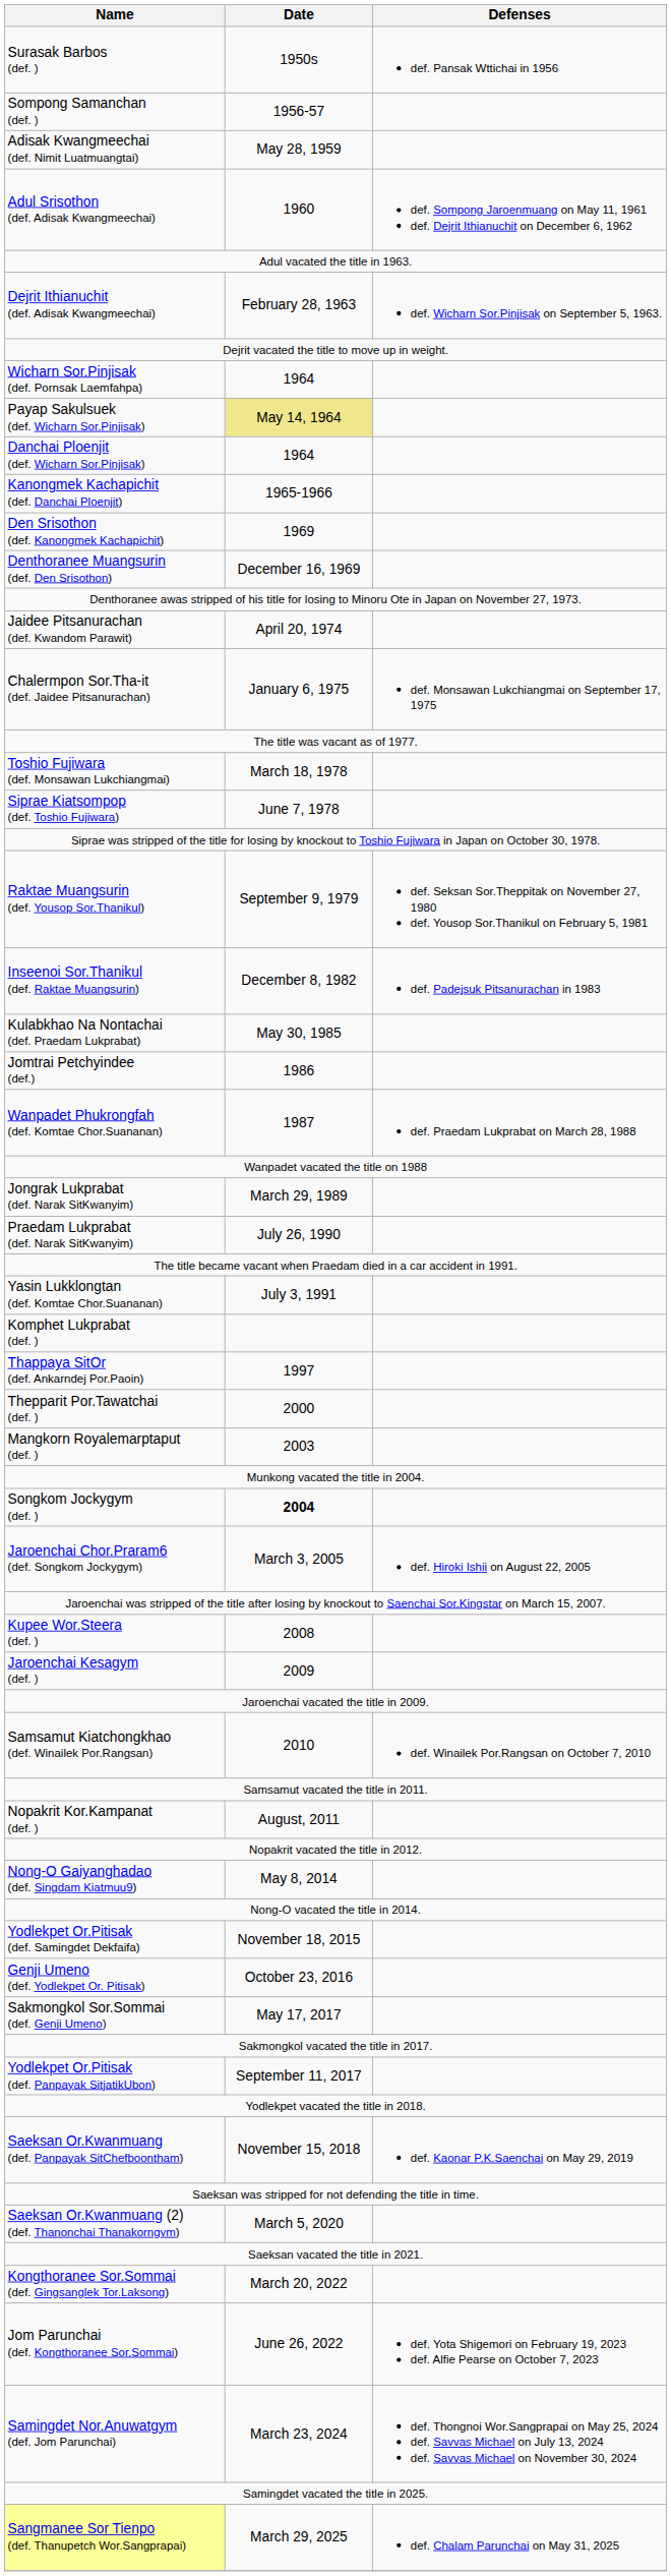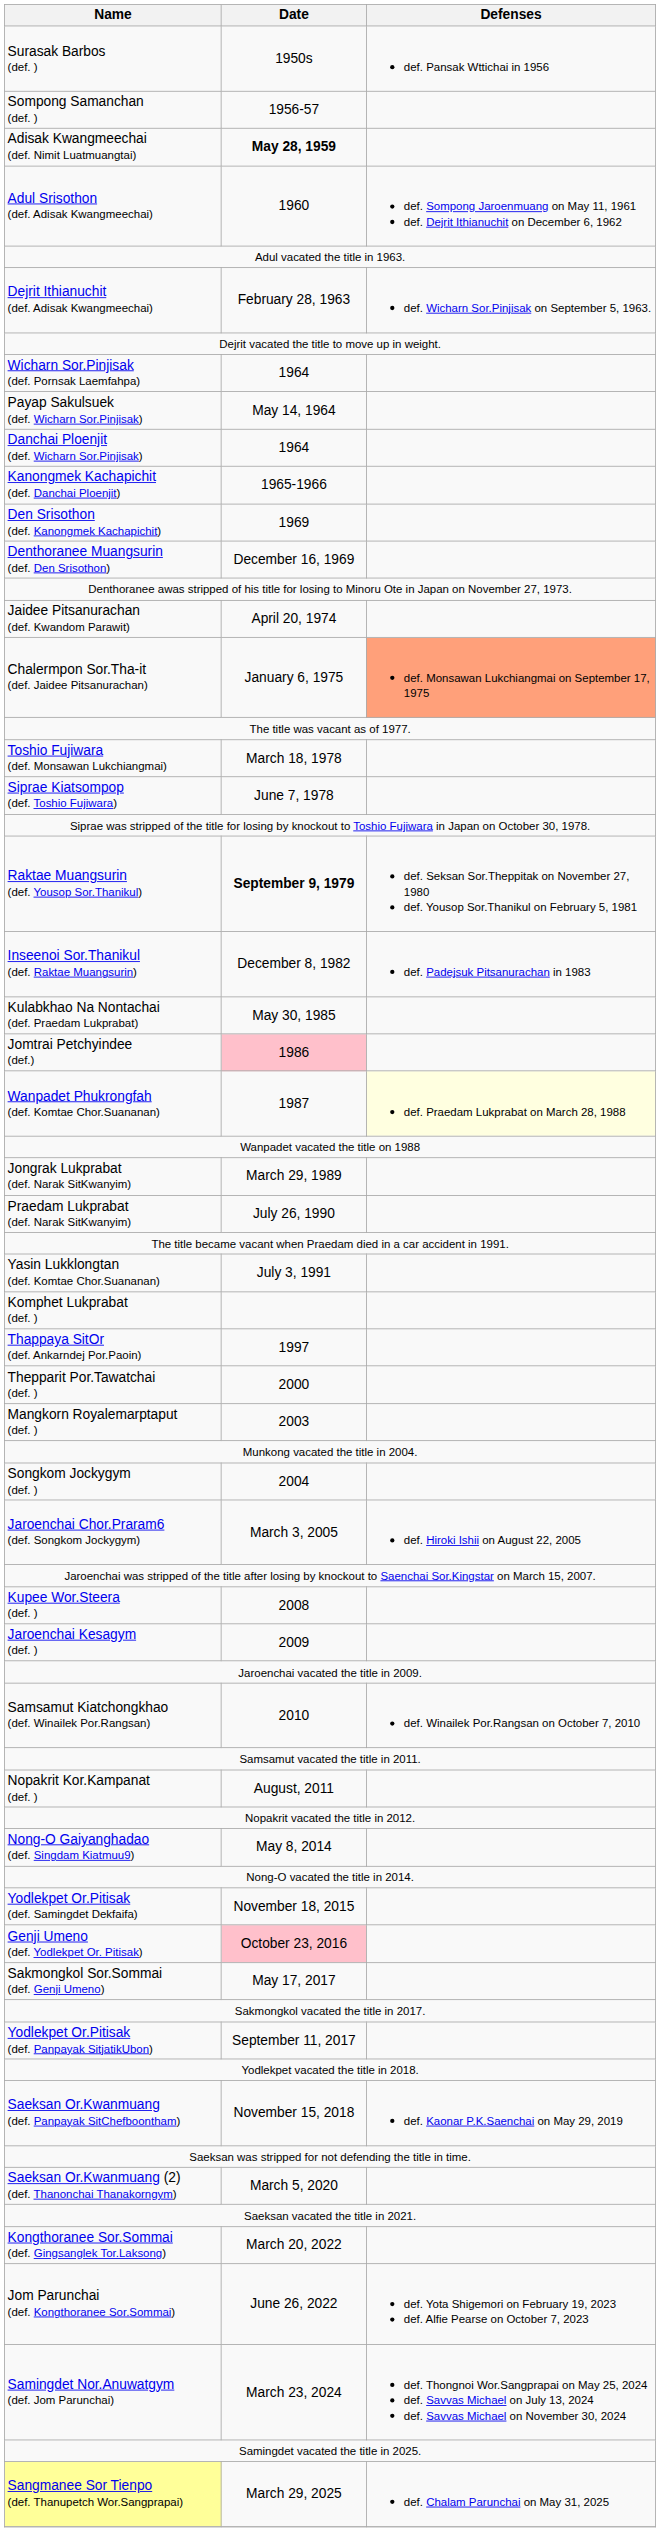 <table class="wikitable" width=60%>
 <tr>
 <th width=30%>Name</th>
 <th width=20%>Date</th>
 <th width=40%>Defenses</th>
 </tr>
 <tr>
 <td align=left> Surasak Barbos <br><small>(def. )</small></td>
 <td align=center>1950s</td>
 <td><br><ul><li><small>def. Pansak Wttichai in 1956</small></li></ul></td>
 </tr>
 <tr>
 <td align=left> Sompong Samanchan  <br><small>(def. )</small></td>
 <td align=center>1956-57</td>
 <td></td>
 </tr>
 <tr>
 <td align=left> Adisak Kwangmeechai<br><small>(def. Nimit Luatmuangtai)</small></td>
-<td align=center>May 28, 1959</td>
+<td align=center><strong>May 28, 1959</strong></td>
 <td></td>
 </tr>
 <tr>
 <td align=left> <a href='#'>Adul Srisothon</a><br><small>(def. Adisak Kwangmeechai)</small></td>
 <td align=center>1960</td>
 <td><br><ul><li><small>def. <a href='#'>Sompong Jaroenmuang</a> on May 11, 1961</small></li><li><small>def. <a href='#'>Dejrit Ithianuchit</a> on December 6, 1962</small></li></ul></td>
 </tr>
 <tr>
 <td colspan=4 align=center><small>Adul vacated the title in 1963.</small></td>
 </tr>
 <tr>
 <td align=left> <a href='#'>Dejrit Ithianuchit</a><br><small>(def. Adisak Kwangmeechai)</small></td>
 <td align=center>February 28, 1963</td>
 <td><br><ul><li><small>def. <a href='#'>Wicharn Sor.Pinjisak</a> on September 5, 1963.</small></li></ul></td>
 </tr>
 <tr>
 <td colspan=4 align=center><small>Dejrit vacated the title to move up in weight.</small></td>
 </tr>
 <tr>
 <td align=left> <a href='#'>Wicharn Sor.Pinjisak</a> <br><small>(def. Pornsak Laemfahpa)</small></td>
 <td align=center>1964</td>
 <td></td>
 </tr>
 <tr>
 <td align=left> Payap Sakulsuek <br><small>(def. <a href='#'>Wicharn Sor.Pinjisak</a>)</small></td>
-<td align=center style="background: khaki;">May 14, 1964</td>
+<td align=center>May 14, 1964</td>
 <td></td>
 </tr>
 <tr>
 <td align=left> <a href='#'>Danchai Ploenjit</a> <br><small>(def. <a href='#'>Wicharn Sor.Pinjisak</a>)</small></td>
 <td align=center>1964</td>
 <td></td>
 </tr>
 <tr>
 <td align=left> <a href='#'>Kanongmek Kachapichit</a><br><small>(def. <a href='#'>Danchai Ploenjit</a>)</small></td>
 <td align=center>1965-1966</td>
 <td></td>
 </tr>
 <tr>
 <td align=left> <a href='#'>Den Srisothon</a><br><small>(def. <a href='#'>Kanongmek Kachapichit</a>)</small></td>
 <td align=center>1969</td>
 <td></td>
 </tr>
 <tr>
 <td align=left> <a href='#'>Denthoranee Muangsurin</a><br><small>(def. <a href='#'>Den Srisothon</a>)</small></td>
 <td align=center>December 16, 1969</td>
 <td></td>
 </tr>
 <tr>
 <td colspan=4 align=center><small> Denthoranee awas stripped of his title for losing to Minoru Ote in Japan on November 27, 1973.</small></td>
 </tr>
 <tr>
 <td align=left> Jaidee Pitsanurachan <br><small>(def. Kwandom Parawit)</small></td>
 <td align=center>April 20, 1974</td>
 <td></td>
 </tr>
 <tr>
 <td align=left> Chalermpon Sor.Tha-it <br><small>(def. Jaidee Pitsanurachan)</small></td>
 <td align=center>January 6, 1975</td>
-<td><br><ul><li><small>def. Monsawan Lukchiangmai on September 17, 1975</small></li></ul></td>
+<td style="background: lightsalmon;"><br><ul><li><small>def. Monsawan Lukchiangmai on September 17, 1975</small></li></ul></td>
 </tr>
 <tr>
 <td colspan=4 align=center><small> The title was vacant as of 1977.</small></td>
 </tr>
 <tr>
 <td align=left> <a href='#'>Toshio Fujiwara</a> <br><small>(def. Monsawan Lukchiangmai)</small></td>
 <td align=center>March 18, 1978</td>
 <td></td>
 </tr>
 <tr>
 <td align=left> <a href='#'>Siprae Kiatsompop</a> <br><small>(def. <a href='#'>Toshio Fujiwara</a>)</small></td>
 <td align=center>June 7, 1978</td>
 <td></td>
 </tr>
 <tr>
 <td colspan=4 align=center><small>Siprae was stripped of the title for losing by knockout to <a href='#'>Toshio Fujiwara</a> in Japan on October 30, 1978.</small></td>
 </tr>
 <tr>
 <td align=left> <a href='#'>Raktae Muangsurin</a> <br><small>(def. <a href='#'>Yousop Sor.Thanikul</a>)</small></td>
-<td align=center>September 9, 1979</td>
+<td align=center><strong>September 9, 1979</strong></td>
 <td><br><ul><li><small>def. Seksan Sor.Theppitak on November 27, 1980</small></li><li><small>def. Yousop Sor.Thanikul on February 5, 1981</small></li></ul></td>
 </tr>
 <tr>
 <td align=left> <a href='#'>Inseenoi Sor.Thanikul</a> <br><small>(def. <a href='#'>Raktae Muangsurin</a>)</small></td>
 <td align=center>December 8, 1982</td>
 <td><br><ul><li><small>def. <a href='#'>Padejsuk Pitsanurachan</a> in 1983</small></li></ul></td>
 </tr>
 <tr>
 <td align=left> Kulabkhao Na Nontachai <br><small>(def. Praedam Lukprabat)</small></td>
 <td align=center>May 30, 1985</td>
 <td></td>
 </tr>
 <tr>
 <td align=left> Jomtrai Petchyindee <br><small>(def.)</small></td>
-<td align=center>1986</td>
+<td align=center style="background: pink;">1986</td>
 <td></td>
 </tr>
 <tr>
 <td align=left> <a href='#'>Wanpadet Phukrongfah</a> <br><small>(def. Komtae Chor.Suananan)</small></td>
 <td align=center>1987</td>
-<td><br><ul><li><small>def. Praedam Lukprabat on March 28, 1988</small></li></ul></td>
+<td style="background: lightyellow;"><br><ul><li><small>def. Praedam Lukprabat on March 28, 1988</small></li></ul></td>
 </tr>
 <tr>
 <td colspan=4 align=center><small>Wanpadet vacated the title on 1988</small></td>
 </tr>
 <tr>
 <td align=left> Jongrak Lukprabat <br><small>(def. Narak SitKwanyim)</small></td>
 <td align=center>March 29, 1989</td>
 <td></td>
 </tr>
 <tr>
 <td align=left> Praedam Lukprabat <br><small>(def. Narak SitKwanyim)</small></td>
 <td align=center>July 26, 1990</td>
 <td></td>
 </tr>
 <tr>
 <td colspan=4 align=center><small>The title became vacant when Praedam died in a car accident in 1991.</small></td>
 </tr>
 <tr>
 <td align=left> Yasin Lukklongtan <br><small>(def. Komtae Chor.Suananan)</small></td>
 <td align=center>July 3, 1991</td>
 <td></td>
 </tr>
 <tr>
 <td align=left> Komphet Lukprabat <br><small>(def. )</small></td>
 <td align=center></td>
 <td></td>
 </tr>
 <tr>
 <td align=left> <a href='#'>Thappaya SitOr</a><br><small>(def. Ankarndej Por.Paoin)</small></td>
 <td align=center>1997</td>
 <td></td>
 </tr>
 <tr>
 <td align=left> Thepparit Por.Tawatchai <br><small>(def. )</small></td>
 <td align=center>2000</td>
 <td></td>
 </tr>
 <tr>
 <td align=left> Mangkorn Royalemarptaput <br><small>(def. )</small></td>
 <td align=center>2003</td>
 <td></td>
 </tr>
 <tr>
 <td colspan=4 align=center><small>Munkong vacated the title in 2004.</small></td>
 </tr>
 <tr>
 <td align=left> Songkom Jockygym <br><small>(def. )</small></td>
-<td align=center><strong>2004</strong></td>
+<td align=center>2004</td>
 </tr>
 <tr>
 <td align=left> <a href='#'>Jaroenchai Chor.Praram6</a> <br><small>(def. Songkom Jockygym)</small></td>
 <td align=center>March 3, 2005</td>
 <td><br><ul><li><small>def. <a href='#'>Hiroki Ishii</a> on August 22, 2005</small></li></ul></td>
 </tr>
 <tr>
 <td colspan=4 align=center><small>Jaroenchai was stripped of the title after losing by knockout to <a href='#'>Saenchai Sor.Kingstar</a> on March 15, 2007.</small></td>
 </tr>
 <tr>
 <td align=left> <a href='#'>Kupee Wor.Steera</a> <br><small>(def. )</small></td>
 <td align=center>2008</td>
 <td></td>
 </tr>
 <tr>
 <td align=left> <a href='#'>Jaroenchai Kesagym</a> <br><small>(def. )</small></td>
 <td align=center>2009</td>
 <td></td>
 </tr>
 <tr>
 <td colspan=4 align=center><small>Jaroenchai vacated the title in 2009.</small></td>
 </tr>
 <tr>
 <td align=left> Samsamut Kiatchongkhao <br><small>(def. Winailek Por.Rangsan)</small></td>
 <td align=center>2010</td>
 <td><br><ul><li><small>def. Winailek Por.Rangsan on October 7, 2010</small></li></ul></td>
 </tr>
 <tr>
 <td colspan=4 align=center><small>Samsamut vacated the title in 2011.</small></td>
 </tr>
 <tr>
 <td align=left> Nopakrit Kor.Kampanat <br><small>(def. )</small></td>
 <td align=center>August, 2011</td>
 <td></td>
 </tr>
 <tr>
 <td colspan=4 align=center><small>Nopakrit vacated the title in 2012.</small></td>
 </tr>
 <tr>
 <td align=left> <a href='#'>Nong-O Gaiyanghadao</a> <br><small>(def. <a href='#'>Singdam Kiatmuu9</a>)</small></td>
 <td align=center>May 8, 2014</td>
 <td></td>
 </tr>
 <tr>
 <td colspan=4 align=center><small>Nong-O vacated the title in 2014.</small></td>
 </tr>
 <tr>
 <td align=left> <a href='#'>Yodlekpet Or.Pitisak</a> <br><small>(def. Samingdet Dekfaifa)</small></td>
 <td align=center>November 18, 2015</td>
 <td></td>
 </tr>
 <tr>
 <td align=left> <a href='#'>Genji Umeno</a> <br><small>(def. <a href='#'>Yodlekpet Or. Pitisak</a>)</small></td>
-<td align=center>October 23, 2016</td>
+<td align=center style="background: pink;">October 23, 2016</td>
 <td></td>
 </tr>
 <tr>
 <td align=left> Sakmongkol Sor.Sommai <br><small>(def. <a href='#'>Genji Umeno</a>)</small></td>
 <td align=center>May 17, 2017</td>
 <td></td>
 </tr>
 <tr>
 <td colspan=4 align=center><small>Sakmongkol vacated the title in 2017.</small></td>
 </tr>
 <tr>
 <td align=left> <a href='#'>Yodlekpet Or.Pitisak</a> <br><small>(def. <a href='#'>Panpayak SitjatikUbon</a>)</small></td>
 <td align=center>September 11, 2017</td>
 <td></td>
 </tr>
 <tr>
 <td colspan=4 align=center><small>Yodlekpet vacated the title in 2018.</small></td>
 </tr>
 <tr>
 <td align=left> <a href='#'>Saeksan Or.Kwanmuang</a> <br><small>(def. <a href='#'>Panpayak SitChefboontham</a>)</small></td>
 <td align=center>November 15, 2018</td>
 <td><br><ul><li><small>def. <a href='#'>Kaonar P.K.Saenchai</a> on May 29, 2019</small></li></ul></td>
 </tr>
 <tr>
 <td colspan=4 align=center><small>Saeksan was stripped for not defending the title in time.</small></td>
 </tr>
 <tr>
 <td align=left> <a href='#'>Saeksan Or.Kwanmuang</a> (2)<br><small>(def. <a href='#'>Thanonchai Thanakorngym</a>)</small></td>
 <td align=center>March 5, 2020</td>
 <td></td>
 </tr>
 <tr>
 <td colspan=4 align=center><small>Saeksan vacated the title in 2021.</small></td>
 </tr>
 <tr>
 <td align=left> <a href='#'>Kongthoranee Sor.Sommai</a> <br><small>(def. <a href='#'>Gingsanglek Tor.Laksong</a>)</small></td>
 <td align=center>March 20, 2022</td>
 <td></td>
 </tr>
 <tr>
 <td align=left> Jom Parunchai <br><small>(def. <a href='#'>Kongthoranee Sor.Sommai</a>)</small></td>
 <td align=center>June 26, 2022</td>
 <td><br><ul><li><small>def. Yota Shigemori on February 19, 2023</small></li><li><small>def. Alfie Pearse on October 7, 2023</small></li></ul></td>
 </tr>
 <tr>
 <td align=left> <a href='#'>Samingdet Nor.Anuwatgym</a> <br><small>(def. Jom Parunchai)</small></td>
 <td align=center>March 23, 2024</td>
 <td><br><ul><li><small>def. Thongnoi Wor.Sangprapai on May 25, 2024</small></li><li><small>def. <a href='#'>Savvas Michael</a> on July 13, 2024</small></li><li><small>def. <a href='#'>Savvas Michael</a> on November 30, 2024</small></li></ul></td>
 </tr>
 <tr>
 <td colspan=4 align=center><small>Samingdet vacated the title in 2025.</small></td>
 </tr>
 <tr>
 <td align=left bgcolor="#FFFF99"> <a href='#'>Sangmanee Sor Tienpo</a> <br><small>(def. Thanupetch Wor.Sangprapai)</small></td>
 <td align=center>March 29, 2025</td>
 <td><br><ul><li><small>def. <a href='#'>Chalam Parunchai</a> on May 31, 2025</small></li></ul></td>
 </tr>
 <tr>
 </tr>
 </table>
